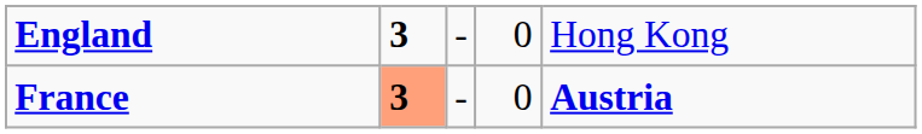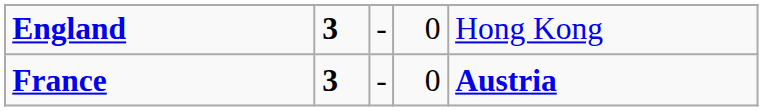 <table class="wikitable">
 <tr>
 <td width=150> <strong><a href='#'>England</a></strong></td>
 <td width=20 align="left"><strong>3</strong></td>
 <td>-</td>
 <td width=20 align="right">0</td>
 <td width=150> <a href='#'>Hong Kong</a></td>
 </tr>
 <tr>
 <td> <strong><a href='#'>France</a></strong></td>
-<td align="left" style="background: lightsalmon;"><strong>3</strong></td>
+<td align="left"><strong>3</strong></td>
 <td>-</td>
 <td align="right">0</td>
 <td><strong> <a href='#'>Austria</a></strong></td>
 </tr>
 </table>
